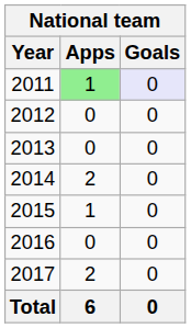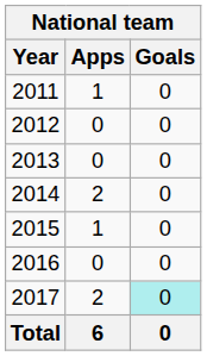 <table class="wikitable" style="text-align:center">
 <tr>
 <th colspan=3>National team</th>
 </tr>
 <tr>
 <th>Year</th>
 <th>Apps</th>
 <th>Goals</th>
 </tr>
 <tr>
 <td>2011</td>
-<td style="background: lightgreen;">1</td>
-<td style="background: lavender;">0</td>
+<td>1</td>
+<td>0</td>
 </tr>
 <tr>
 <td>2012</td>
 <td>0</td>
 <td>0</td>
 </tr>
 <tr>
 <td>2013</td>
 <td>0</td>
 <td>0</td>
 </tr>
 <tr>
 <td>2014</td>
 <td>2</td>
 <td>0</td>
 </tr>
 <tr>
 <td>2015</td>
 <td>1</td>
 <td>0</td>
 </tr>
 <tr>
 <td>2016</td>
 <td>0</td>
 <td>0</td>
 </tr>
 <tr>
 <td>2017</td>
 <td>2</td>
-<td>0</td>
+<td style="background: paleturquoise;">0</td>
 </tr>
 <tr>
 <th>Total</th>
 <th>6</th>
 <th>0</th>
 </tr>
 </table>
